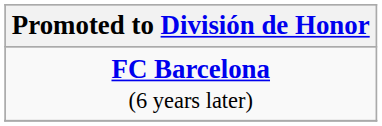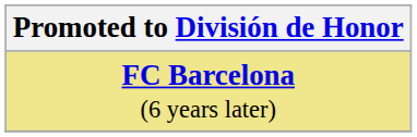 <table class="wikitable" style="text-align: center; margin: 0 auto;">
 <tr>
 <th colspan="2">Promoted to <a href='#'>División de Honor</a></th>
 </tr>
 <tr>
-<td><strong><a href='#'>FC Barcelona</a></strong><br><small>(6 years later)</small></td>
+<td style="background: khaki;"><strong><a href='#'>FC Barcelona</a></strong><br><small>(6 years later)</small></td>
 </tr>
 <tr>
 </tr>
 </table>
